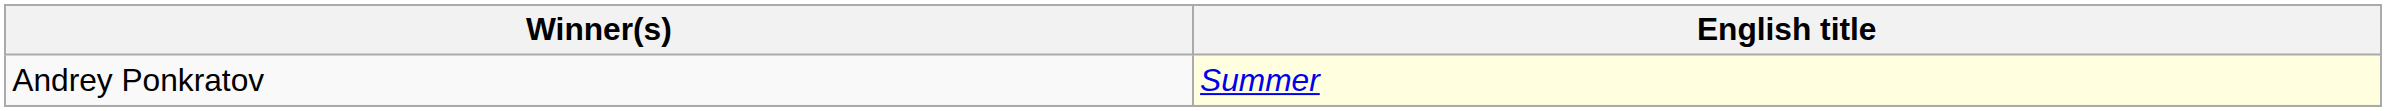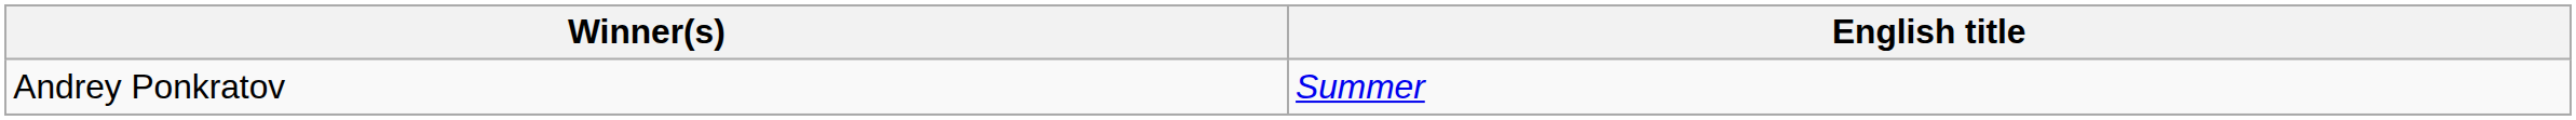 <table class="wikitable" width="95%" cellpadding="5">
 <tr>
 <th width="18%">Winner(s)</th>
 <th width="18%">English title</th>
 </tr>
 <tr>
 <td>Andrey Ponkratov</td>
-<td style="background: lightyellow;"><em><a href='#'>Summer</a></em></td>
+<td><em><a href='#'>Summer</a></em></td>
 </tr>
 <tr>
 </tr>
 </table>
